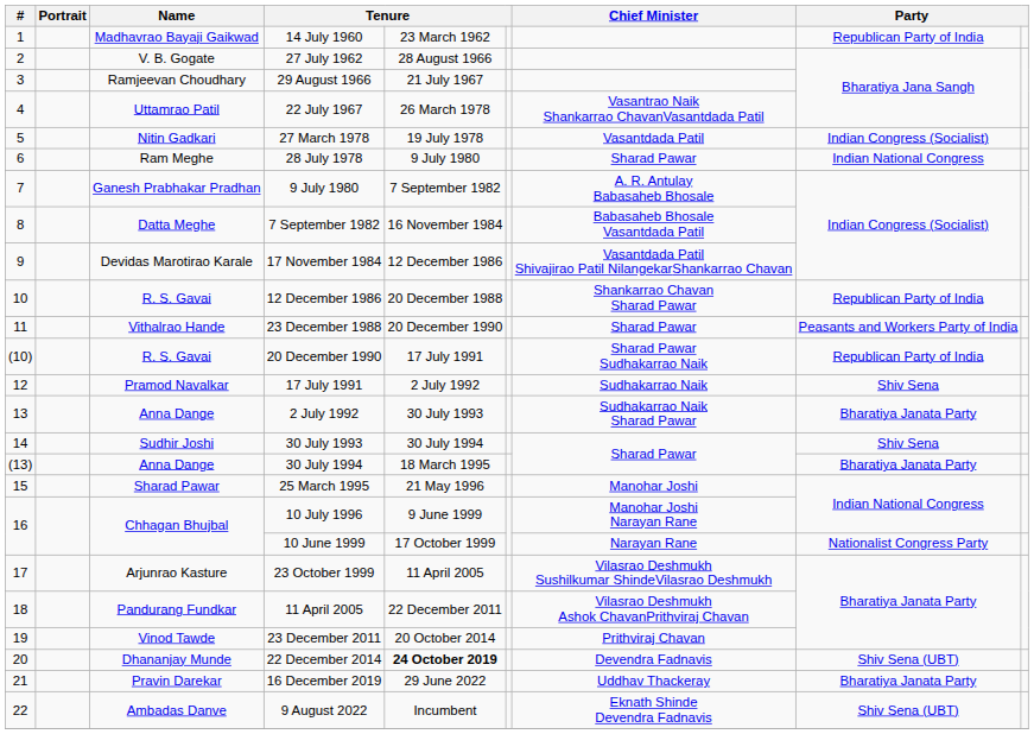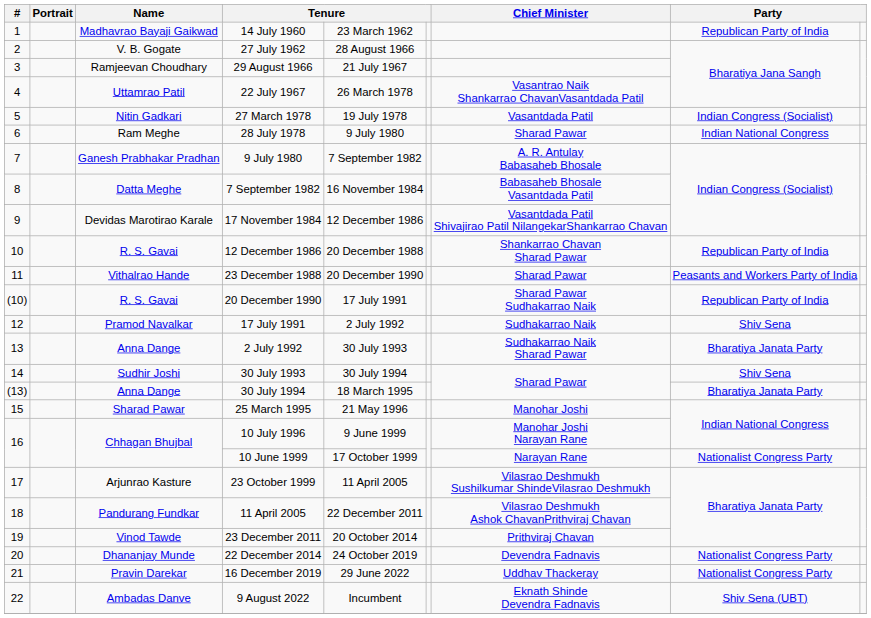 <table class="wikitable" style="text-align:center;">
 <tr>
 <th>#</th>
 <th>Portrait</th>
 <th>Name</th>
 <th colspan="3" scope="col">Tenure</th>
 <th><a href='#'>Chief Minister</a></th>
 <th colspan="2" scope="col">Party</th>
 </tr>
 <tr>
 <td>1</td>
 <td></td>
 <td><a href='#'>Madhavrao Bayaji Gaikwad</a></td>
 <td>14 July 1960</td>
 <td>23 March 1962</td>
 <td></td>
 <td></td>
 <td><a href='#'>Republican Party of India</a></td>
 <td style="width:1px; background-color: "></td>
 </tr>
 <tr>
 <td>2</td>
 <td></td>
 <td>V. B. Gogate</td>
 <td>27 July 1962</td>
 <td>28 August 1966</td>
 <td></td>
 <td></td>
 <td rowspan=3><a href='#'>Bharatiya Jana Sangh</a></td>
 <td rowspan=3 style="width:1px; background-color: "></td>
 </tr>
 <tr>
 <td>3</td>
 <td></td>
 <td>Ramjeevan Choudhary</td>
 <td>29 August 1966</td>
 <td>21 July 1967</td>
 <td></td>
 <td></td>
 </tr>
 <tr>
 <td>4</td>
 <td></td>
 <td><a href='#'>Uttamrao Patil</a></td>
 <td>22 July 1967</td>
 <td>26 March 1978</td>
 <td></td>
 <td><a href='#'>Vasantrao Naik</a><br><a href='#'>Shankarrao Chavan</a><a href='#'>Vasantdada Patil</a></td>
 </tr>
 <tr>
 <td>5</td>
 <td></td>
 <td><a href='#'>Nitin Gadkari</a></td>
 <td>27 March 1978</td>
 <td>19 July 1978</td>
 <td></td>
 <td><a href='#'>Vasantdada Patil</a></td>
 <td><a href='#'>Indian Congress (Socialist)</a></td>
 <td style="width:1px; background-color: "></td>
 </tr>
 <tr>
 <td>6</td>
 <td></td>
 <td>Ram Meghe</td>
 <td>28 July 1978</td>
 <td>9 July 1980</td>
 <td></td>
 <td><a href='#'>Sharad Pawar</a></td>
 <td><a href='#'>Indian National Congress</a></td>
 <td style="width:1px; background-color: "></td>
 </tr>
 <tr>
 <td>7</td>
 <td></td>
 <td><a href='#'>Ganesh Prabhakar Pradhan</a></td>
 <td>9 July 1980</td>
 <td>7 September 1982</td>
 <td></td>
 <td><a href='#'>A. R. Antulay</a><br><a href='#'>Babasaheb Bhosale</a></td>
 <td rowspan=3><a href='#'>Indian Congress (Socialist)</a></td>
 <td rowspan=3 style="width:1px; background-color: "></td>
 </tr>
 <tr>
 <td>8</td>
 <td></td>
 <td><a href='#'>Datta Meghe</a></td>
 <td>7 September 1982</td>
 <td>16 November 1984</td>
 <td></td>
 <td><a href='#'>Babasaheb Bhosale</a><br><a href='#'>Vasantdada Patil</a></td>
 </tr>
 <tr>
 <td>9</td>
 <td></td>
 <td>Devidas Marotirao Karale</td>
 <td>17 November 1984</td>
 <td>12 December 1986</td>
 <td></td>
 <td><a href='#'>Vasantdada Patil</a><br><a href='#'>Shivajirao Patil Nilangekar</a><a href='#'>Shankarrao Chavan</a></td>
 </tr>
 <tr>
 <td>10</td>
 <td></td>
 <td><a href='#'>R. S. Gavai</a></td>
 <td>12 December 1986</td>
 <td>20 December 1988</td>
 <td></td>
 <td><a href='#'>Shankarrao Chavan</a><br><a href='#'>Sharad Pawar</a></td>
 <td><a href='#'>Republican Party of India</a></td>
 <td style="width:1px; background-color: "></td>
 </tr>
 <tr>
 <td>11</td>
 <td></td>
 <td><a href='#'>Vithalrao Hande</a></td>
 <td>23 December 1988</td>
 <td>20 December 1990</td>
 <td></td>
 <td><a href='#'>Sharad Pawar</a></td>
 <td><a href='#'>Peasants and Workers Party of India</a></td>
 <td style="width:1px; background-color: "></td>
 </tr>
 <tr>
 <td>(10)</td>
 <td></td>
 <td><a href='#'>R. S. Gavai</a></td>
 <td>20 December 1990</td>
 <td>17 July 1991</td>
 <td></td>
 <td><a href='#'>Sharad Pawar</a><br><a href='#'>Sudhakarrao Naik</a></td>
 <td><a href='#'>Republican Party of India</a></td>
 <td style="width:1px; background-color: "></td>
 </tr>
 <tr>
 <td>12</td>
 <td></td>
 <td><a href='#'>Pramod Navalkar</a></td>
 <td>17 July 1991</td>
 <td>2 July 1992</td>
 <td></td>
 <td><a href='#'>Sudhakarrao Naik</a></td>
 <td><a href='#'>Shiv Sena</a></td>
 <td style="width:1px; background-color: "></td>
 </tr>
 <tr>
 <td>13</td>
 <td></td>
 <td><a href='#'>Anna Dange</a></td>
 <td>2 July 1992</td>
 <td>30 July 1993</td>
 <td></td>
 <td><a href='#'>Sudhakarrao Naik</a><br><a href='#'>Sharad Pawar</a></td>
 <td><a href='#'>Bharatiya Janata Party</a></td>
 <td style="width:1px; background-color: "></td>
 </tr>
 <tr>
 <td>14</td>
 <td></td>
 <td><a href='#'>Sudhir Joshi</a></td>
 <td>30 July 1993</td>
 <td>30 July 1994</td>
 <td></td>
 <td rowspan=2><a href='#'>Sharad Pawar</a></td>
 <td><a href='#'>Shiv Sena</a></td>
 <td style="width:1px; background-color: "></td>
 </tr>
 <tr>
 <td>(13)</td>
 <td></td>
 <td><a href='#'>Anna Dange</a></td>
 <td>30 July 1994</td>
 <td>18 March 1995</td>
 <td></td>
 <td><a href='#'>Bharatiya Janata Party</a></td>
 <td style="width:1px; background-color: "></td>
 </tr>
 <tr>
 <td>15</td>
 <td></td>
 <td><a href='#'>Sharad Pawar</a></td>
 <td>25 March 1995</td>
 <td>21 May 1996</td>
 <td></td>
 <td><a href='#'>Manohar Joshi</a></td>
 <td rowspan=2><a href='#'>Indian National Congress</a></td>
 <td rowspan=2 style="width:1px; background-color: "></td>
 </tr>
 <tr>
 <td rowspan=2>16</td>
 <td rowspan=2></td>
 <td rowspan=2><a href='#'>Chhagan Bhujbal</a></td>
 <td>10 July 1996</td>
 <td>9 June 1999</td>
 <td rowspan=2></td>
 <td><a href='#'>Manohar Joshi</a><br><a href='#'>Narayan Rane</a></td>
 </tr>
 <tr>
 <td>10 June 1999</td>
 <td>17 October 1999</td>
 <td><a href='#'>Narayan Rane</a></td>
 <td><a href='#'>Nationalist Congress Party</a></td>
 <td style="width:1px; background-color: "></td>
 </tr>
 <tr>
 <td>17</td>
 <td></td>
 <td>Arjunrao Kasture</td>
 <td>23 October 1999</td>
 <td>11 April 2005</td>
 <td></td>
 <td><a href='#'>Vilasrao Deshmukh</a><br><a href='#'>Sushilkumar Shinde</a><a href='#'>Vilasrao Deshmukh</a></td>
 <td rowspan=3><a href='#'>Bharatiya Janata Party</a></td>
 <td rowspan=3 style="width:1px; background-color: "></td>
 </tr>
 <tr>
 <td>18</td>
 <td></td>
 <td><a href='#'>Pandurang Fundkar</a></td>
 <td>11 April 2005</td>
 <td>22 December 2011</td>
 <td></td>
 <td><a href='#'>Vilasrao Deshmukh</a><br><a href='#'>Ashok Chavan</a><a href='#'>Prithviraj Chavan</a></td>
 </tr>
 <tr>
 <td>19</td>
 <td></td>
 <td><a href='#'>Vinod Tawde</a></td>
 <td>23 December 2011</td>
 <td>20 October 2014</td>
 <td></td>
 <td><a href='#'>Prithviraj Chavan</a></td>
 </tr>
 <tr>
 <td>20</td>
 <td></td>
 <td><a href='#'>Dhananjay Munde</a></td>
 <td>22 December 2014</td>
-<td><strong>24 October 2019</strong></td>
+<td>24 October 2019</td>
 <td></td>
 <td><a href='#'>Devendra Fadnavis</a></td>
-<td><a href='#'>Shiv Sena (UBT)</a></td>
+<td><a href='#'>Nationalist Congress Party</a></td>
 <td style="width:1px; background-color: "></td>
 </tr>
 <tr>
 <td>21</td>
 <td></td>
 <td><a href='#'>Pravin Darekar</a></td>
 <td>16 December 2019</td>
 <td>29 June 2022</td>
 <td></td>
 <td><a href='#'>Uddhav Thackeray</a></td>
-<td><a href='#'>Bharatiya Janata Party</a></td>
+<td><a href='#'>Nationalist Congress Party</a></td>
 <td style="width:1px; background-color: "></td>
 </tr>
 <tr>
 <td>22</td>
 <td></td>
 <td><a href='#'>Ambadas Danve</a></td>
 <td>9 August 2022</td>
 <td>Incumbent</td>
 <td></td>
 <td><a href='#'>Eknath Shinde</a><br><a href='#'>Devendra Fadnavis</a></td>
 <td><a href='#'>Shiv Sena (UBT)</a></td>
 <td style="width:1px; background-color: "></td>
 </tr>
 <tr>
 </tr>
 </table>
